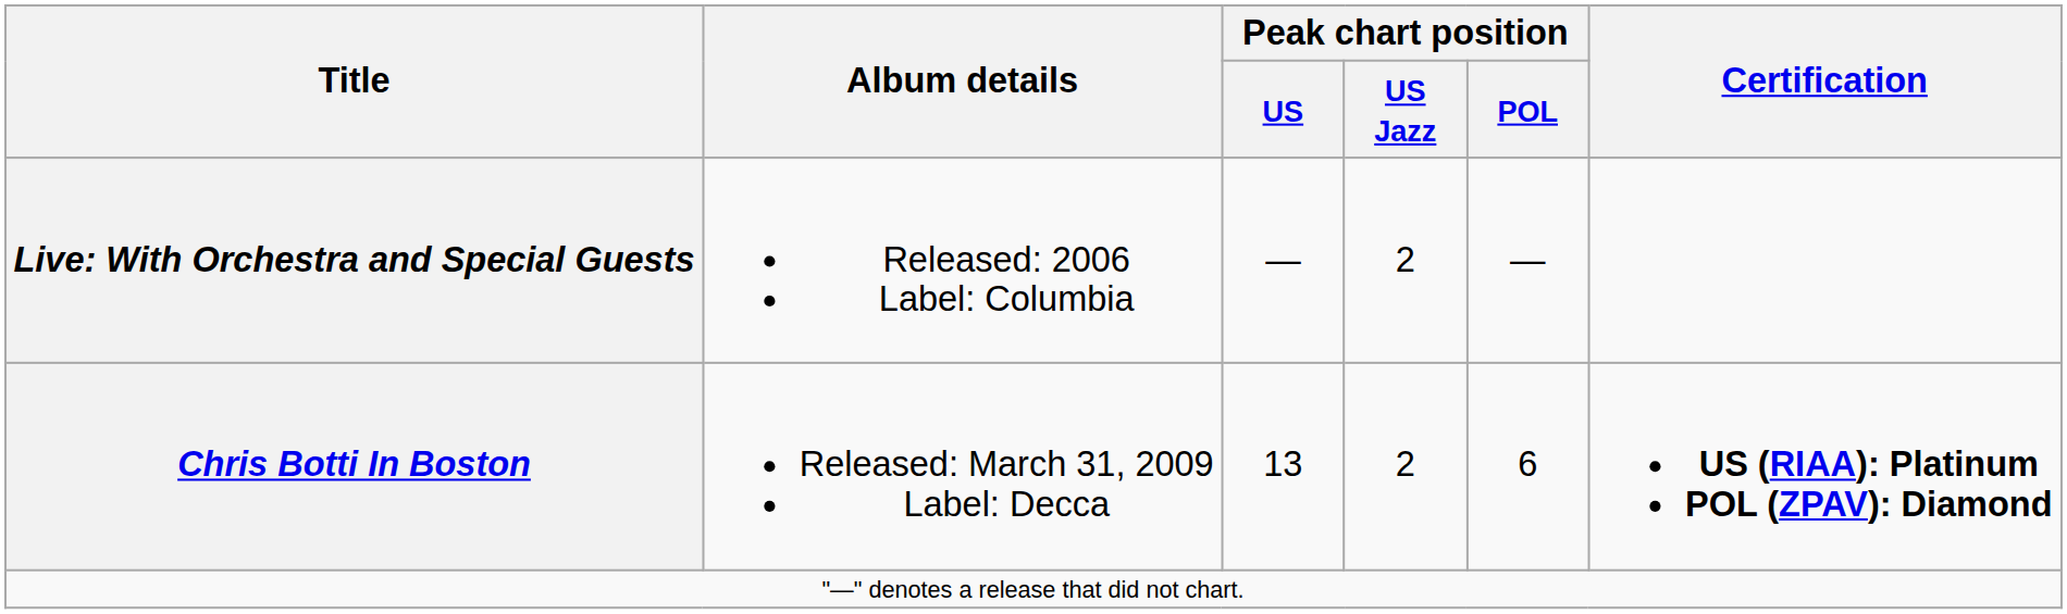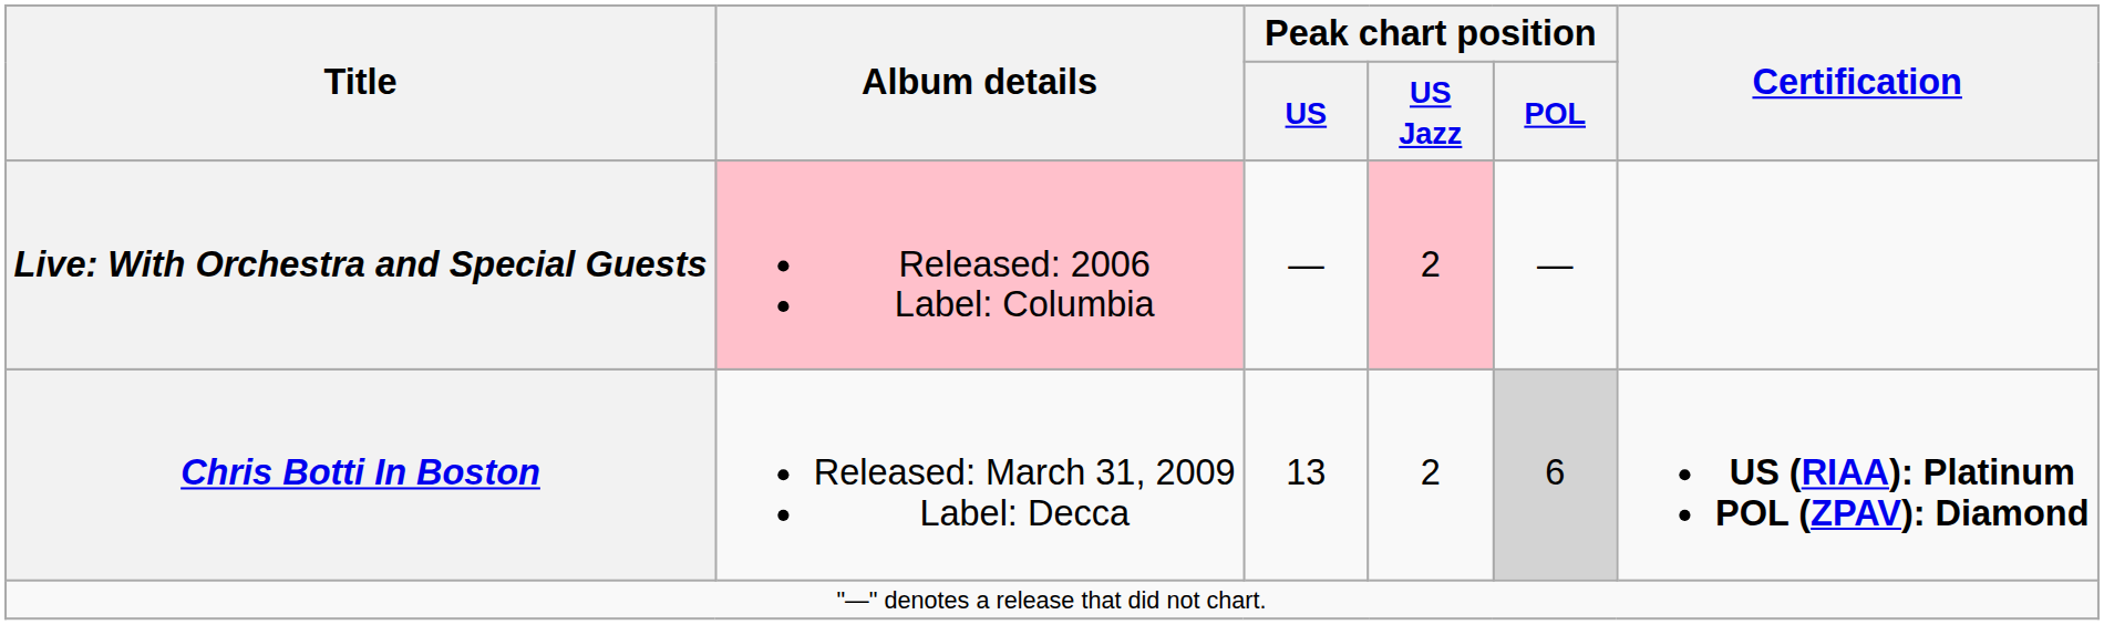 <table class="wikitable plainrowheaders" style="text-align:center;">
 <tr>
 <th rowspan=2>Title</th>
 <th rowspan=2>Album details</th>
 <th colspan=3>Peak chart position</th>
 <th rowspan=2><a href='#'>Certification</a></th>
 </tr>
 <tr>
 <th scope="col" style="width:3em;"><small><a href='#'>US</a></small><br></th>
 <th scope="col" style="width:3em;"><small><a href='#'>US Jazz</a></small><br></th>
 <th scope="col" style="width:3em;"><small><a href='#'>POL</a></small><br></th>
 </tr>
 <tr>
 <th scope="row"><em>Live: With Orchestra and Special Guests</em></th>
-<td><br><ul><li>Released: 2006</li><li>Label: Columbia</li></ul></td>
+<td style="background: pink;"><br><ul><li>Released: 2006</li><li>Label: Columbia</li></ul></td>
 <td>—</td>
-<td>2</td>
+<td style="background: pink;">2</td>
 <td>—</td>
 <td></td>
 </tr>
 <tr>
 <th scope="row"><em><a href='#'>Chris Botti In Boston</a></em></th>
 <td><br><ul><li>Released: March 31, 2009</li><li>Label: Decca</li></ul></td>
 <td>13</td>
 <td>2</td>
-<td>6</td>
+<td style="background: lightgrey;">6</td>
 <td><strong><br><ul><li>US (<a href='#'>RIAA</a>): Platinum</li><li>POL (<a href='#'>ZPAV</a>): Diamond</li></ul></strong></td>
 </tr>
 <tr>
 <td colspan=7 style=font-size:8pt;>"—" denotes a release that did not chart.</td>
 </tr>
 </table>
